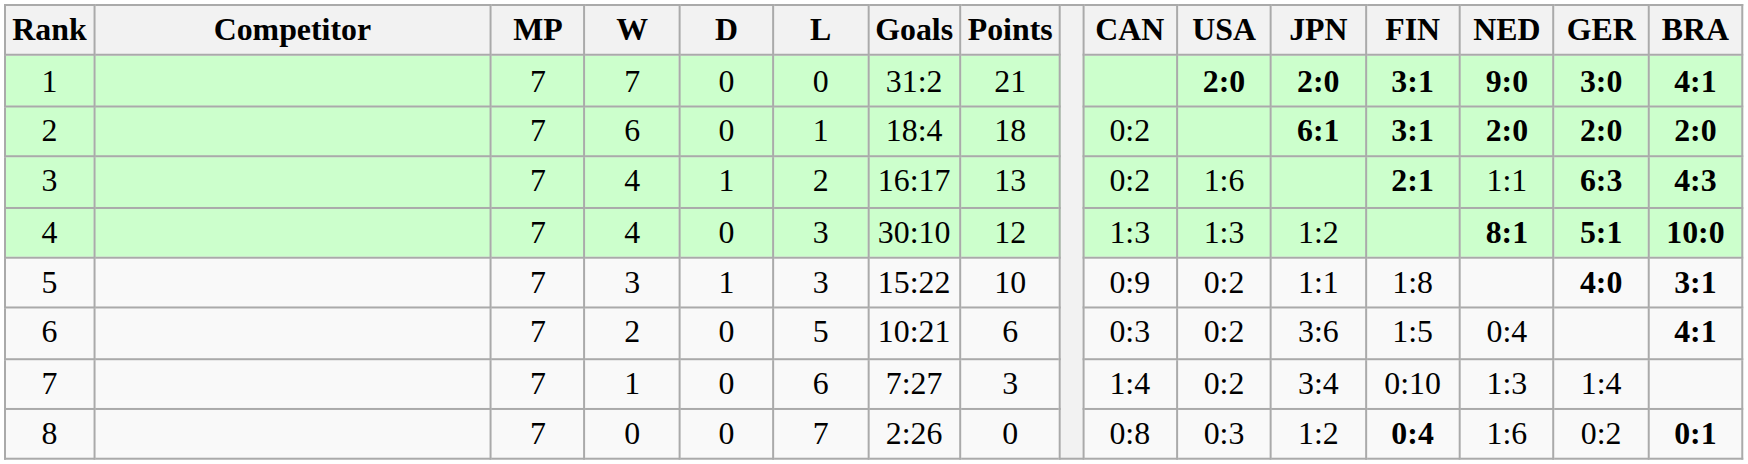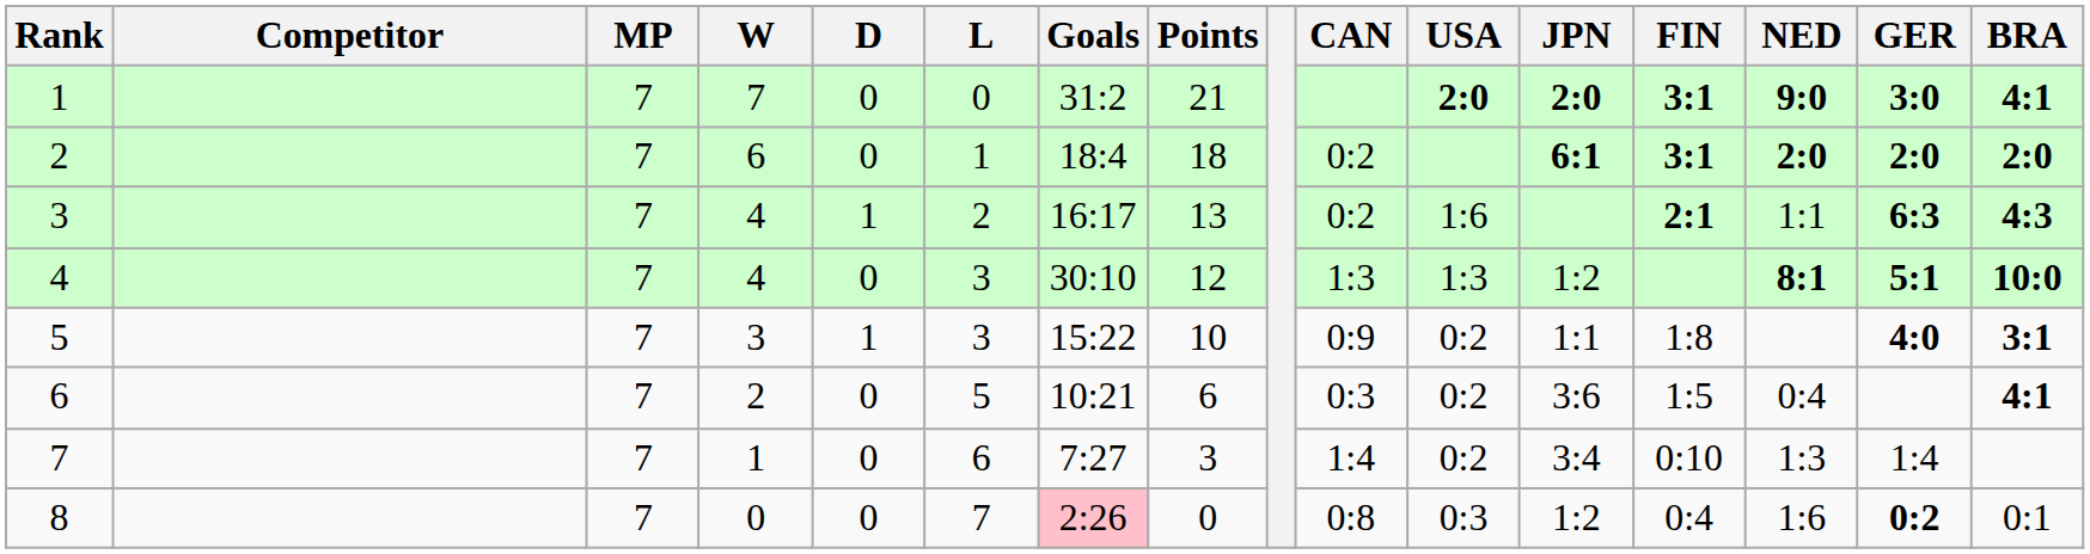 <table class="wikitable" style="text-align:center">
 <tr>
 <th>Rank</th>
 <th style="width:12em">Competitor</th>
 <th style="width:2.5em">MP</th>
 <th style="width:2.5em">W</th>
 <th style="width:2.5em">D</th>
 <th style="width:2.5em">L</th>
 <th>Goals</th>
 <th>Points</th>
 <th rowspan="9"> </th>
 <th style="width:2.5em">CAN</th>
 <th style="width:2.5em">USA</th>
 <th style="width:2.5em">JPN</th>
 <th style="width:2.5em">FIN</th>
 <th style="width:2.5em">NED</th>
 <th style="width:2.5em">GER</th>
 <th style="width:2.5em">BRA</th>
 </tr>
 <tr style="background:#cfc;">
 <td>1</td>
 <td style="text-align:left"></td>
 <td>7</td>
 <td>7</td>
 <td>0</td>
 <td>0</td>
 <td>31:2</td>
 <td>21</td>
 <td></td>
 <td><strong>2:0</strong></td>
 <td><strong>2:0</strong></td>
 <td><strong>3:1</strong></td>
 <td><strong>9:0</strong></td>
 <td><strong>3:0</strong></td>
 <td><strong>4:1</strong></td>
 </tr>
 <tr style="background:#cfc;">
 <td>2</td>
 <td style="text-align:left"></td>
 <td>7</td>
 <td>6</td>
 <td>0</td>
 <td>1</td>
 <td>18:4</td>
 <td>18</td>
 <td>0:2</td>
 <td></td>
 <td><strong>6:1</strong></td>
 <td><strong>3:1</strong></td>
 <td><strong>2:0</strong></td>
 <td><strong>2:0</strong></td>
 <td><strong>2:0</strong></td>
 </tr>
 <tr style="background:#cfc;">
 <td>3</td>
 <td style="text-align:left"></td>
 <td>7</td>
 <td>4</td>
 <td>1</td>
 <td>2</td>
 <td>16:17</td>
 <td>13</td>
 <td>0:2</td>
 <td>1:6</td>
 <td></td>
 <td><strong>2:1</strong></td>
 <td>1:1</td>
 <td><strong>6:3</strong></td>
 <td><strong>4:3</strong></td>
 </tr>
 <tr style="background:#cfc;">
 <td>4</td>
 <td style="text-align:left"></td>
 <td>7</td>
 <td>4</td>
 <td>0</td>
 <td>3</td>
 <td>30:10</td>
 <td>12</td>
 <td>1:3</td>
 <td>1:3</td>
 <td>1:2</td>
 <td></td>
 <td><strong>8:1</strong></td>
 <td><strong>5:1</strong></td>
 <td><strong>10:0</strong></td>
 </tr>
 <tr>
 <td>5</td>
 <td style="text-align:left"></td>
 <td>7</td>
 <td>3</td>
 <td>1</td>
 <td>3</td>
 <td>15:22</td>
 <td>10</td>
 <td>0:9</td>
 <td>0:2</td>
 <td>1:1</td>
 <td>1:8</td>
 <td></td>
 <td><strong>4:0</strong></td>
 <td><strong>3:1</strong></td>
 </tr>
 <tr>
 <td>6</td>
 <td style="text-align:left"></td>
 <td>7</td>
 <td>2</td>
 <td>0</td>
 <td>5</td>
 <td>10:21</td>
 <td>6</td>
 <td>0:3</td>
 <td>0:2</td>
 <td>3:6</td>
 <td>1:5</td>
 <td>0:4</td>
 <td></td>
 <td><strong>4:1</strong></td>
 </tr>
 <tr>
 <td>7</td>
 <td style="text-align:left"></td>
 <td>7</td>
 <td>1</td>
 <td>0</td>
 <td>6</td>
 <td>7:27</td>
 <td>3</td>
 <td>1:4</td>
 <td>0:2</td>
 <td>3:4</td>
 <td>0:10</td>
 <td>1:3</td>
 <td>1:4</td>
 <td></td>
 </tr>
 <tr>
 <td>8</td>
 <td style="text-align:left"></td>
 <td>7</td>
 <td>0</td>
 <td>0</td>
 <td>7</td>
-<td>2:26</td>
+<td style="background: pink;">2:26</td>
 <td>0</td>
 <td>0:8</td>
 <td>0:3</td>
 <td>1:2</td>
-<td><strong>0:4</strong></td>
+<td>0:4</td>
 <td>1:6</td>
-<td>0:2</td>
-<td><strong>0:1</strong></td>
+<td><strong>0:2</strong></td>
+<td>0:1</td>
 </tr>
 </table>
